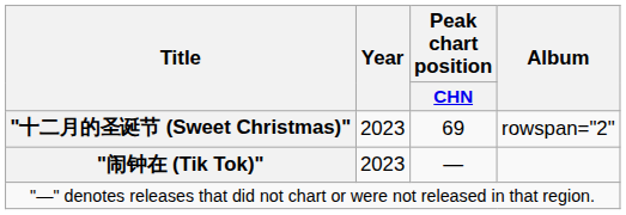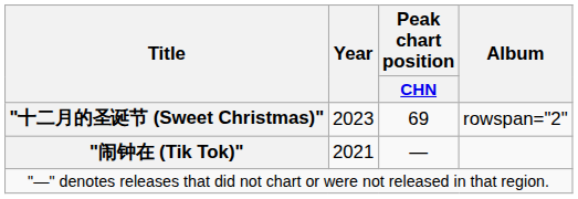 <table class="wikitable plainrowheaders" style="text-align:center">
 <tr>
 <th rowspan="2" scope="col">Title</th>
 <th rowspan="2" scope="col">Year</th>
 <th scope="col">Peak chart position</th>
 <th rowspan="2" scope="col">Album</th>
 </tr>
 <tr>
 <th scope="col" style="font-size:90%; width:3em"><a href='#'>CHN</a><br></th>
 </tr>
 <tr>
 <th scope="row">"十二月的圣诞节 (Sweet Christmas)"<br></th>
 <td>2023</td>
 <td>69</td>
 <td>rowspan="2" </td>
 </tr>
 <tr>
 <th scope="row">"闹钟在 (Tik Tok)"<br></th>
-<td>2023</td>
+<td>2021</td>
 <td>—</td>
 </tr>
 <tr>
 <td colspan="4" style="font-size:85%">"—" denotes releases that did not chart or were not released in that region.</td>
 </tr>
 </table>
